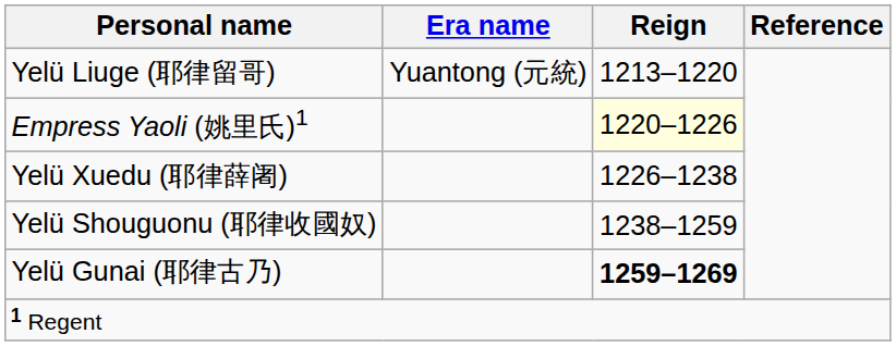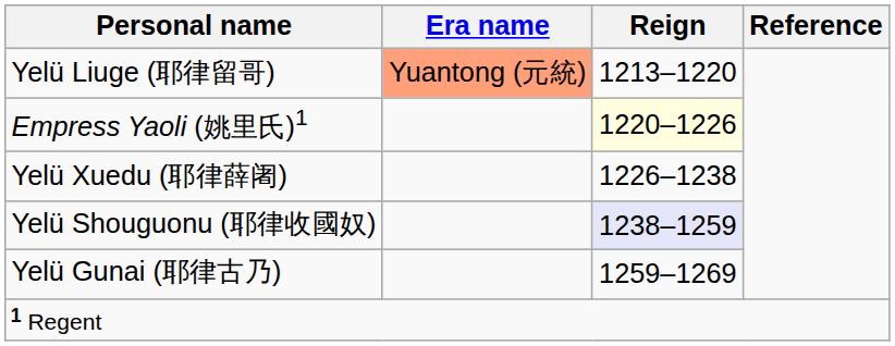 <table class="wikitable">
 <tr>
 <th>Personal name</th>
 <th><a href='#'>Era name</a></th>
 <th>Reign</th>
 <th>Reference</th>
 </tr>
 <tr>
 <td>Yelü Liuge (耶律留哥)</td>
-<td>Yuantong (元統)</td>
+<td style="background: lightsalmon;">Yuantong (元統)</td>
 <td>1213–1220</td>
 <td rowspan=5></td>
 </tr>
 <tr>
 <td><em>Empress Yaoli</em> (姚里氏)<sup>1</sup></td>
 <td></td>
 <td style="background: lightyellow;">1220–1226</td>
 </tr>
 <tr>
 <td>Yelü Xuedu (耶律薛阇)</td>
 <td></td>
 <td>1226–1238</td>
 </tr>
 <tr>
 <td>Yelü Shouguonu (耶律收國奴)</td>
 <td></td>
-<td>1238–1259</td>
+<td style="background: lavender;">1238–1259</td>
 </tr>
 <tr>
 <td>Yelü Gunai (耶律古乃)</td>
 <td></td>
-<td><strong>1259–1269</strong></td>
+<td>1259–1269</td>
 </tr>
 <tr>
 <td colspan=4 style="font-size: smaller;"><strong><sup>1</sup></strong> Regent<br></td>
 </tr>
 </table>
